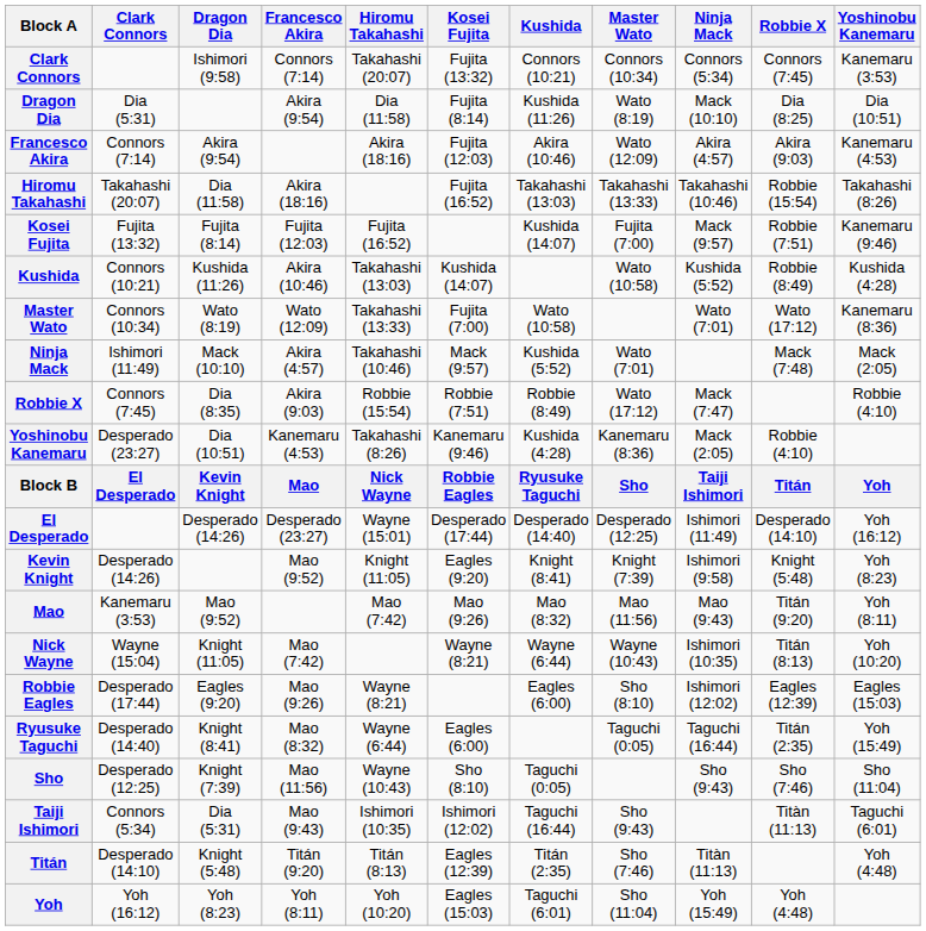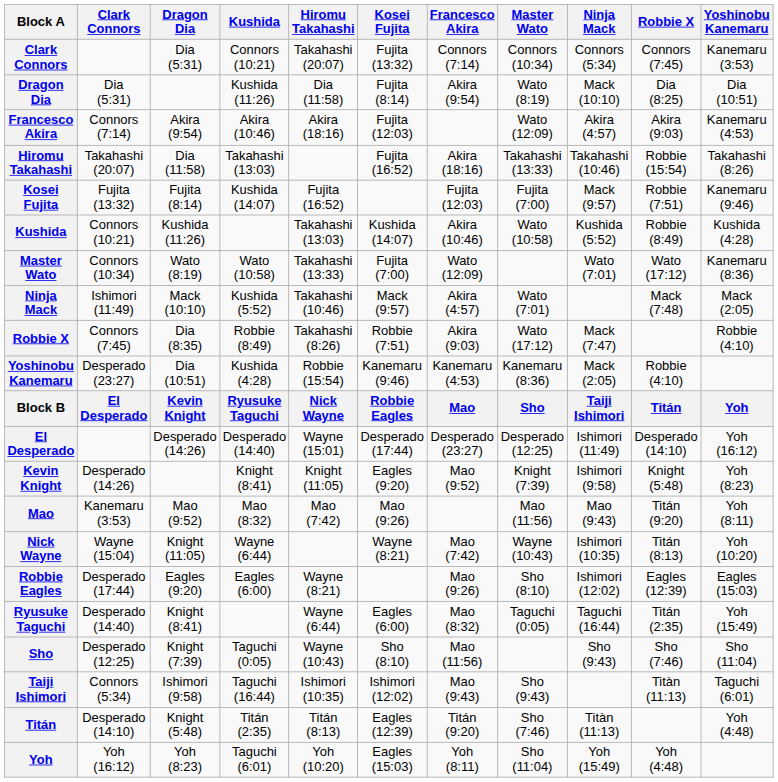 <table class="wikitable" style="margin: 1em auto 1em auto">
 <tr align="center">
 <th>Block A</th>
 <th><a href='#'>Clark Connors</a></th>
 <th><a href='#'>Dragon Dia</a></th>
-<th><a href='#'>Francesco Akira</a></th>
+<th><a href='#'>Kushida</a></th>
 <th><a href='#'>Hiromu Takahashi</a></th>
 <th><a href='#'>Kosei Fujita</a></th>
-<th><a href='#'>Kushida</a></th>
+<th><a href='#'>Francesco Akira</a></th>
 <th><a href='#'>Master Wato</a></th>
 <th><a href='#'>Ninja Mack</a></th>
 <th><a href='#'>Robbie X</a></th>
 <th><a href='#'>Yoshinobu Kanemaru</a></th>
 </tr>
 <tr align="center">
 <th><a href='#'>Clark Connors</a></th>
 <td></td>
-<td>Ishimori<br>(9:58)</td>
-<td>Connors<br>(7:14)</td>
+<td>Dia<br>(5:31)</td>
+<td>Connors<br>(10:21)</td>
 <td>Takahashi<br>(20:07)</td>
 <td>Fujita<br>(13:32)</td>
-<td>Connors<br>(10:21)</td>
+<td>Connors<br>(7:14)</td>
 <td>Connors<br>(10:34)</td>
 <td>Connors<br>(5:34)</td>
 <td>Connors<br>(7:45)</td>
 <td>Kanemaru<br>(3:53)</td>
 </tr>
 <tr align="center">
 <th><a href='#'>Dragon Dia</a></th>
 <td>Dia<br>(5:31)</td>
 <td></td>
-<td>Akira<br>(9:54)</td>
+<td>Kushida<br>(11:26)</td>
 <td>Dia<br>(11:58)</td>
 <td>Fujita<br>(8:14)</td>
-<td>Kushida<br>(11:26)</td>
+<td>Akira<br>(9:54)</td>
 <td>Wato<br>(8:19)</td>
 <td>Mack<br>(10:10)</td>
 <td>Dia<br>(8:25)</td>
 <td>Dia<br>(10:51)</td>
 </tr>
 <tr align="center">
 <th><a href='#'>Francesco Akira</a></th>
 <td>Connors<br>(7:14)</td>
 <td>Akira<br>(9:54)</td>
-<td></td>
+<td>Akira<br>(10:46)</td>
 <td>Akira<br>(18:16)</td>
 <td>Fujita<br>(12:03)</td>
-<td>Akira<br>(10:46)</td>
+<td></td>
 <td>Wato<br>(12:09)</td>
 <td>Akira<br>(4:57)</td>
 <td>Akira<br>(9:03)</td>
 <td>Kanemaru<br>(4:53)</td>
 </tr>
 <tr align="center">
 <th><a href='#'>Hiromu Takahashi</a></th>
 <td>Takahashi<br>(20:07)</td>
 <td>Dia<br>(11:58)</td>
-<td>Akira<br>(18:16)</td>
+<td>Takahashi<br>(13:03)</td>
 <td></td>
 <td>Fujita<br>(16:52)</td>
-<td>Takahashi<br>(13:03)</td>
+<td>Akira<br>(18:16)</td>
 <td>Takahashi<br>(13:33)</td>
 <td>Takahashi<br>(10:46)</td>
 <td>Robbie<br>(15:54)</td>
 <td>Takahashi<br>(8:26)</td>
 </tr>
 <tr align="center">
 <th><a href='#'>Kosei Fujita</a></th>
 <td>Fujita<br>(13:32)</td>
 <td>Fujita<br>(8:14)</td>
-<td>Fujita<br>(12:03)</td>
+<td>Kushida<br>(14:07)</td>
 <td>Fujita<br>(16:52)</td>
 <td></td>
-<td>Kushida<br>(14:07)</td>
+<td>Fujita<br>(12:03)</td>
 <td>Fujita<br>(7:00)</td>
 <td>Mack<br>(9:57)</td>
 <td>Robbie<br>(7:51)</td>
 <td>Kanemaru<br>(9:46)</td>
 </tr>
 <tr align="center">
 <th><a href='#'>Kushida</a></th>
 <td>Connors<br>(10:21)</td>
 <td>Kushida<br>(11:26)</td>
-<td>Akira<br>(10:46)</td>
+<td></td>
 <td>Takahashi<br>(13:03)</td>
 <td>Kushida<br>(14:07)</td>
-<td></td>
+<td>Akira<br>(10:46)</td>
 <td>Wato<br>(10:58)</td>
 <td>Kushida<br>(5:52)</td>
 <td>Robbie<br>(8:49)</td>
 <td>Kushida<br>(4:28)</td>
 </tr>
 <tr align="center">
 <th><a href='#'>Master Wato</a></th>
 <td>Connors<br>(10:34)</td>
 <td>Wato<br>(8:19)</td>
-<td>Wato<br>(12:09)</td>
+<td>Wato<br>(10:58)</td>
 <td>Takahashi<br>(13:33)</td>
 <td>Fujita<br>(7:00)</td>
-<td>Wato<br>(10:58)</td>
+<td>Wato<br>(12:09)</td>
 <td></td>
 <td>Wato<br>(7:01)</td>
 <td>Wato (17:12)</td>
 <td>Kanemaru<br>(8:36)</td>
 </tr>
 <tr align="center">
 <th><a href='#'>Ninja Mack</a></th>
 <td>Ishimori<br>(11:49)</td>
 <td>Mack<br>(10:10)</td>
-<td>Akira<br>(4:57)</td>
+<td>Kushida<br>(5:52)</td>
 <td>Takahashi<br>(10:46)</td>
 <td>Mack<br>(9:57)</td>
-<td>Kushida<br>(5:52)</td>
+<td>Akira<br>(4:57)</td>
 <td>Wato<br>(7:01)</td>
 <td></td>
 <td>Mack<br>(7:48)</td>
 <td>Mack<br>(2:05)</td>
 </tr>
 <tr align="center">
 <th><a href='#'>Robbie X</a></th>
 <td>Connors<br>(7:45)</td>
 <td>Dia<br>(8:35)</td>
+<td>Robbie<br>(8:49)</td>
+<td>Takahashi<br>(8:26)</td>
+<td>Robbie<br>(7:51)</td>
 <td>Akira<br>(9:03)</td>
-<td>Robbie<br>(15:54)</td>
-<td>Robbie<br>(7:51)</td>
-<td>Robbie<br>(8:49)</td>
 <td>Wato<br>(17:12)</td>
 <td>Mack<br>(7:47)</td>
 <td></td>
 <td>Robbie<br>(4:10)</td>
 </tr>
 <tr align="center">
 <th><a href='#'>Yoshinobu Kanemaru</a></th>
 <td>Desperado<br>(23:27)</td>
 <td>Dia<br>(10:51)</td>
+<td>Kushida<br>(4:28)</td>
+<td>Robbie<br>(15:54)</td>
+<td>Kanemaru<br>(9:46)</td>
 <td>Kanemaru<br>(4:53)</td>
-<td>Takahashi<br>(8:26)</td>
-<td>Kanemaru<br>(9:46)</td>
-<td>Kushida<br>(4:28)</td>
 <td>Kanemaru<br>(8:36)</td>
 <td>Mack<br>(2:05)</td>
 <td>Robbie<br>(4:10)</td>
 <td></td>
 </tr>
 <tr align="center">
 <th>Block B</th>
 <th><a href='#'>El Desperado</a></th>
 <th><a href='#'>Kevin Knight</a></th>
-<th><a href='#'>Mao</a></th>
+<th><a href='#'>Ryusuke Taguchi</a></th>
 <th><a href='#'>Nick Wayne</a></th>
 <th><a href='#'>Robbie Eagles</a></th>
-<th><a href='#'>Ryusuke Taguchi</a></th>
+<th><a href='#'>Mao</a></th>
 <th><a href='#'>Sho</a></th>
 <th><a href='#'>Taiji Ishimori</a></th>
 <th><a href='#'>Titán</a></th>
 <th><a href='#'>Yoh</a></th>
 </tr>
 <tr align="center">
 <th><a href='#'>El Desperado</a></th>
 <td></td>
 <td>Desperado<br>(14:26)</td>
-<td>Desperado<br>(23:27)</td>
+<td>Desperado<br>(14:40)</td>
 <td>Wayne<br>(15:01)</td>
 <td>Desperado<br>(17:44)</td>
-<td>Desperado<br>(14:40)</td>
+<td>Desperado<br>(23:27)</td>
 <td>Desperado<br>(12:25)</td>
 <td>Ishimori<br>(11:49)</td>
 <td>Desperado<br>(14:10)</td>
 <td>Yoh<br>(16:12)</td>
 </tr>
 <tr align="center">
 <th><a href='#'>Kevin Knight</a></th>
 <td>Desperado<br>(14:26)</td>
 <td></td>
-<td>Mao<br>(9:52)</td>
+<td>Knight<br>(8:41)</td>
 <td>Knight<br>(11:05)</td>
 <td>Eagles<br>(9:20)</td>
-<td>Knight<br>(8:41)</td>
+<td>Mao<br>(9:52)</td>
 <td>Knight<br>(7:39)</td>
 <td>Ishimori<br>(9:58)</td>
 <td>Knight<br>(5:48)</td>
 <td>Yoh<br>(8:23)</td>
 </tr>
 <tr align="center">
 <th><a href='#'>Mao</a></th>
 <td>Kanemaru<br>(3:53)</td>
 <td>Mao<br>(9:52)</td>
-<td></td>
+<td>Mao<br>(8:32)</td>
 <td>Mao<br>(7:42)</td>
 <td>Mao<br>(9:26)</td>
-<td>Mao<br>(8:32)</td>
+<td></td>
 <td>Mao<br>(11:56)</td>
 <td>Mao<br>(9:43)</td>
 <td>Titán<br>(9:20)</td>
 <td>Yoh<br>(8:11)</td>
 </tr>
 <tr align="center">
 <th><a href='#'>Nick Wayne</a></th>
 <td>Wayne<br>(15:04)</td>
 <td>Knight<br>(11:05)</td>
-<td>Mao<br>(7:42)</td>
+<td>Wayne<br>(6:44)</td>
 <td></td>
 <td>Wayne<br>(8:21)</td>
-<td>Wayne<br>(6:44)</td>
+<td>Mao<br>(7:42)</td>
 <td>Wayne<br>(10:43)</td>
 <td>Ishimori<br>(10:35)</td>
 <td>Titán<br>(8:13)</td>
 <td>Yoh<br>(10:20)</td>
 </tr>
 <tr align="center">
 <th><a href='#'>Robbie Eagles</a></th>
 <td>Desperado<br>(17:44)</td>
 <td>Eagles<br>(9:20)</td>
-<td>Mao<br>(9:26)</td>
+<td>Eagles<br>(6:00)</td>
 <td>Wayne<br>(8:21)</td>
 <td></td>
-<td>Eagles<br>(6:00)</td>
+<td>Mao<br>(9:26)</td>
 <td>Sho<br>(8:10)</td>
 <td>Ishimori<br>(12:02)</td>
 <td>Eagles<br>(12:39)</td>
 <td>Eagles<br>(15:03)</td>
 </tr>
 <tr align="center">
 <th><a href='#'>Ryusuke Taguchi</a></th>
 <td>Desperado<br>(14:40)</td>
 <td>Knight<br>(8:41)</td>
-<td>Mao<br>(8:32)</td>
+<td></td>
 <td>Wayne<br>(6:44)</td>
 <td>Eagles<br>(6:00)</td>
-<td></td>
+<td>Mao<br>(8:32)</td>
 <td>Taguchi<br>(0:05)</td>
 <td>Taguchi<br>(16:44)</td>
 <td>Titán<br>(2:35)</td>
 <td>Yoh<br>(15:49)</td>
 </tr>
 <tr align="center">
 <th><a href='#'>Sho</a></th>
 <td>Desperado<br>(12:25)</td>
 <td>Knight<br>(7:39)</td>
-<td>Mao<br>(11:56)</td>
+<td>Taguchi<br>(0:05)</td>
 <td>Wayne<br>(10:43)</td>
 <td>Sho<br>(8:10)</td>
-<td>Taguchi<br>(0:05)</td>
+<td>Mao<br>(11:56)</td>
 <td></td>
 <td>Sho<br>(9:43)</td>
 <td>Sho<br>(7:46)</td>
 <td>Sho<br>(11:04)</td>
 </tr>
 <tr align="center">
 <th><a href='#'>Taiji Ishimori</a></th>
 <td>Connors<br>(5:34)</td>
-<td>Dia<br>(5:31)</td>
-<td>Mao<br>(9:43)</td>
+<td>Ishimori<br>(9:58)</td>
+<td>Taguchi<br>(16:44)</td>
 <td>Ishimori<br>(10:35)</td>
 <td>Ishimori<br>(12:02)</td>
-<td>Taguchi<br>(16:44)</td>
+<td>Mao<br>(9:43)</td>
 <td>Sho<br>(9:43)</td>
 <td></td>
 <td>Titàn<br>(11:13)</td>
 <td>Taguchi<br>(6:01)</td>
 </tr>
 <tr align="center">
 <th><a href='#'>Titán</a></th>
 <td>Desperado<br>(14:10)</td>
 <td>Knight<br>(5:48)</td>
-<td>Titán<br>(9:20)</td>
+<td>Titán<br>(2:35)</td>
 <td>Titán<br>(8:13)</td>
 <td>Eagles<br>(12:39)</td>
-<td>Titán<br>(2:35)</td>
+<td>Titán<br>(9:20)</td>
 <td>Sho<br>(7:46)</td>
 <td>Titàn<br>(11:13)</td>
 <td></td>
 <td>Yoh<br>(4:48)</td>
 </tr>
 <tr align="center">
 <th><a href='#'>Yoh</a></th>
 <td>Yoh<br>(16:12)</td>
 <td>Yoh<br>(8:23)</td>
-<td>Yoh<br>(8:11)</td>
+<td>Taguchi<br>(6:01)</td>
 <td>Yoh<br>(10:20)</td>
 <td>Eagles<br>(15:03)</td>
-<td>Taguchi<br>(6:01)</td>
+<td>Yoh<br>(8:11)</td>
 <td>Sho<br>(11:04)</td>
 <td>Yoh<br>(15:49)</td>
 <td>Yoh<br>(4:48)</td>
 <td></td>
 </tr>
 </table>
